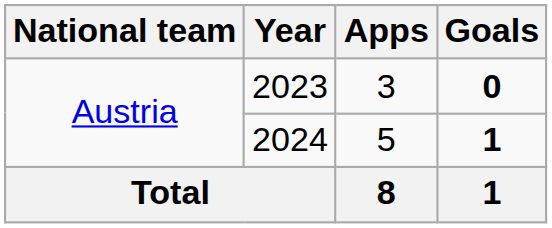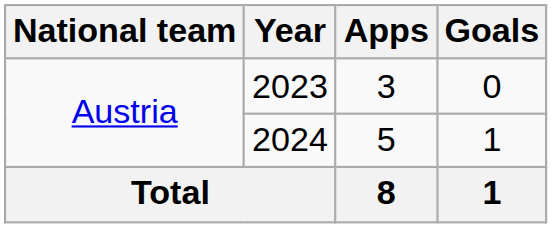 <table class="wikitable" style="text-align:center">
 <tr>
 <th>National team</th>
 <th>Year</th>
 <th>Apps</th>
 <th>Goals</th>
 </tr>
 <tr>
 <td rowspan="2"><a href='#'>Austria</a></td>
 <td>2023</td>
 <td>3</td>
-<td><strong>0</strong></td>
+<td>0</td>
 </tr>
 <tr>
 <td>2024</td>
 <td>5</td>
-<td><strong>1</strong></td>
+<td>1</td>
 </tr>
 <tr>
 <th colspan="2">Total</th>
 <th>8</th>
 <th>1</th>
 </tr>
 </table>
